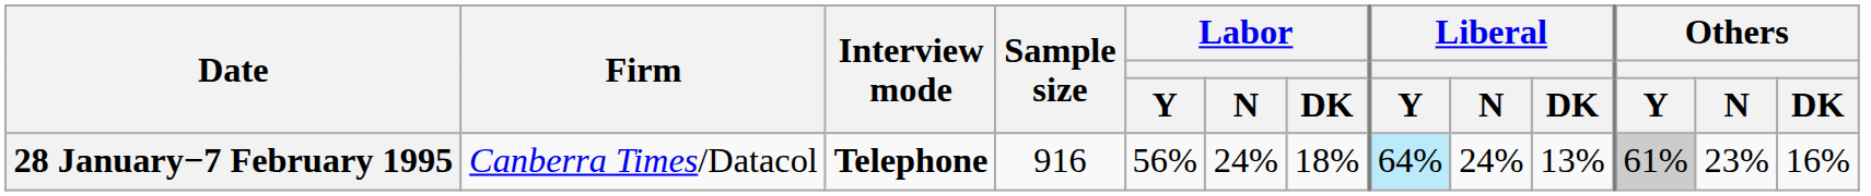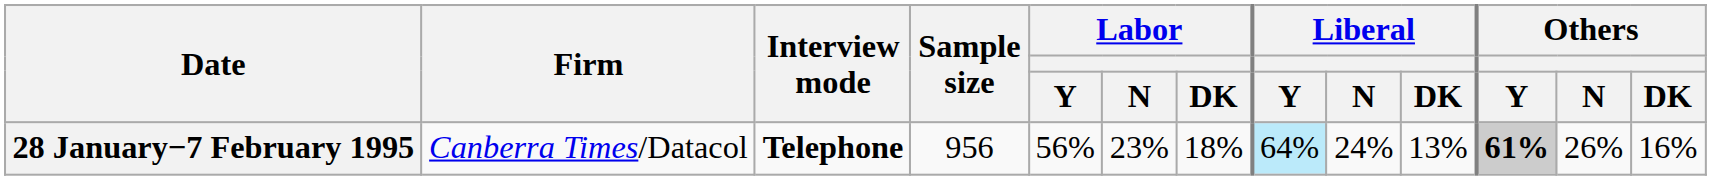 <table class="nowrap wikitable sortable tpl-blanktable" style=text-align:center;font-size:100%>
 <tr>
 <th rowspan=3>Date</th>
 <th rowspan=3>Firm</th>
 <th rowspan=3 class=unsortable>Interview<br>mode</th>
 <th rowspan=3 class=unsortable>Sample<br>size</th>
 <th colspan="3"><a href='#'>Labor</a></th>
 <th colspan="3" style="border-left:2px solid gray;"><a href='#'>Liberal</a></th>
 <th colspan="3" style="border-left:2px solid gray;">Others</th>
 </tr>
 <tr>
 <th colspan="3" style="background:"></th>
 <th colspan="3" style="border-left:2px solid gray;background:"></th>
 <th colspan="3" style="border-left:2px solid gray;background:"></th>
 </tr>
 <tr>
 <th>Y</th>
 <th>N</th>
 <th>DK</th>
 <th style="border-left:2px solid gray;">Y</th>
 <th>N</th>
 <th>DK</th>
 <th style="border-left:2px solid gray;">Y</th>
 <th>N</th>
 <th>DK</th>
 </tr>
 <tr>
 <th style=text-align:left>28 January−7 February 1995</th>
 <td style=text-align:left><em><a href='#'>Canberra Times</a></em>/Datacol</td>
 <td><strong>Telephone</strong></td>
-<td>916</td>
+<td>956</td>
 <td>56%</td>
-<td>24%</td>
+<td>23%</td>
 <td>18%</td>
 <td style="border-left:2px solid gray; background:#bbeafa">64%</td>
 <td>24%</td>
 <td>13%</td>
-<td style="border-left:2px solid gray; background:#CCCCCC">61%</td>
-<td>23%</td>
+<td style="border-left:2px solid gray; background:#CCCCCC"><strong>61%</strong></td>
+<td>26%</td>
 <td>16%</td>
 </tr>
 </table>
